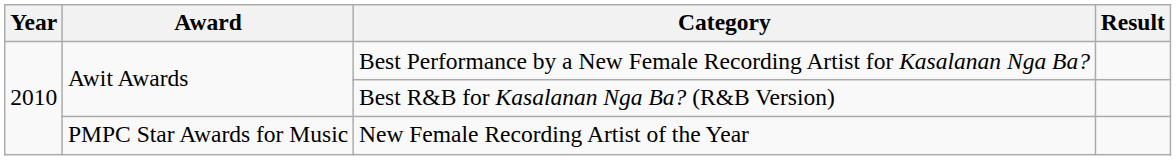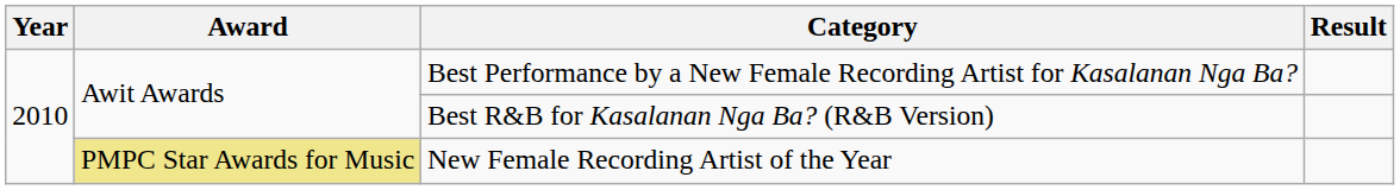 <table class="wikitable">
 <tr>
 <th>Year</th>
 <th>Award</th>
 <th>Category</th>
 <th>Result</th>
 </tr>
 <tr>
 <td rowspan="3">2010</td>
 <td rowspan="2">Awit Awards</td>
 <td>Best Performance by a New Female Recording Artist for <em>Kasalanan Nga Ba?</em></td>
 <td></td>
 </tr>
 <tr>
 <td>Best R&B for <em>Kasalanan Nga Ba?</em> (R&B Version)</td>
 <td></td>
 </tr>
 <tr>
-<td>PMPC Star Awards for Music</td>
+<td style="background: khaki;">PMPC Star Awards for Music</td>
 <td>New Female Recording Artist of the Year</td>
 <td></td>
 </tr>
 </table>
